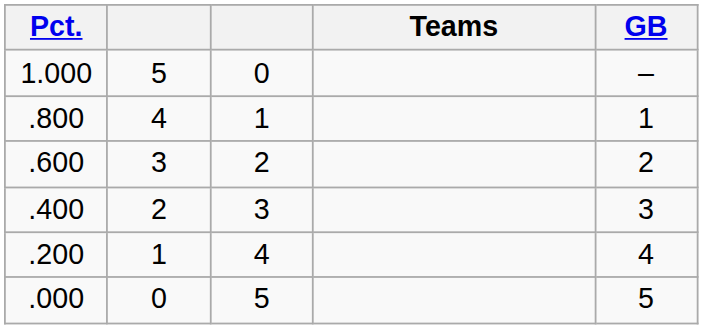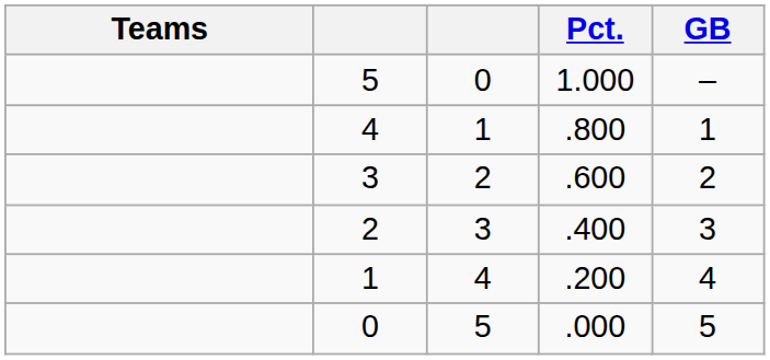 <table class="wikitable" style="text-align:center;">
 <tr>
-<th width=50px><a href='#'>Pct.</a></th>
+<th width=150px>Teams</th>
 <th width=50px></th>
 <th width=50px></th>
-<th width=150px>Teams</th>
+<th width=50px><a href='#'>Pct.</a></th>
 <th width=50px><a href='#'>GB</a></th>
 </tr>
 <tr>
-<td>1.000</td>
+<td align=left></td>
 <td>5</td>
 <td>0</td>
-<td align=left></td>
+<td>1.000</td>
 <td>–</td>
 </tr>
 <tr>
-<td>.800</td>
+<td align=left></td>
 <td>4</td>
 <td>1</td>
-<td align=left></td>
+<td>.800</td>
 <td>1</td>
 </tr>
 <tr>
-<td>.600</td>
+<td align=left></td>
 <td>3</td>
 <td>2</td>
-<td align=left></td>
+<td>.600</td>
 <td>2</td>
 </tr>
 <tr>
-<td>.400</td>
+<td align=left></td>
 <td>2</td>
 <td>3</td>
-<td align=left></td>
+<td>.400</td>
 <td>3</td>
 </tr>
 <tr>
-<td>.200</td>
+<td align=left></td>
 <td>1</td>
 <td>4</td>
-<td align=left></td>
+<td>.200</td>
 <td>4</td>
 </tr>
 <tr>
-<td>.000</td>
+<td align=left></td>
 <td>0</td>
 <td>5</td>
-<td align=left></td>
+<td>.000</td>
 <td>5</td>
 </tr>
 </table>
